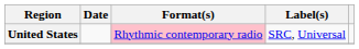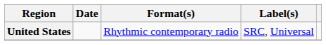 <table class="wikitable plainrowheaders" style="text-align:left">
 <tr>
 <th scope="col">Region</th>
 <th scope="col">Date</th>
 <th scope="col">Format(s)</th>
 <th scope="col">Label(s)</th>
 <th scope="col"></th>
 </tr>
 <tr>
 <th scope="row">United States</th>
 <td></td>
-<td style="background: pink;"><a href='#'>Rhythmic contemporary radio</a></td>
+<td><a href='#'>Rhythmic contemporary radio</a></td>
 <td><a href='#'>SRC</a>, <a href='#'>Universal</a></td>
 <td></td>
 </tr>
 <tr>
 </tr>
 </table>
